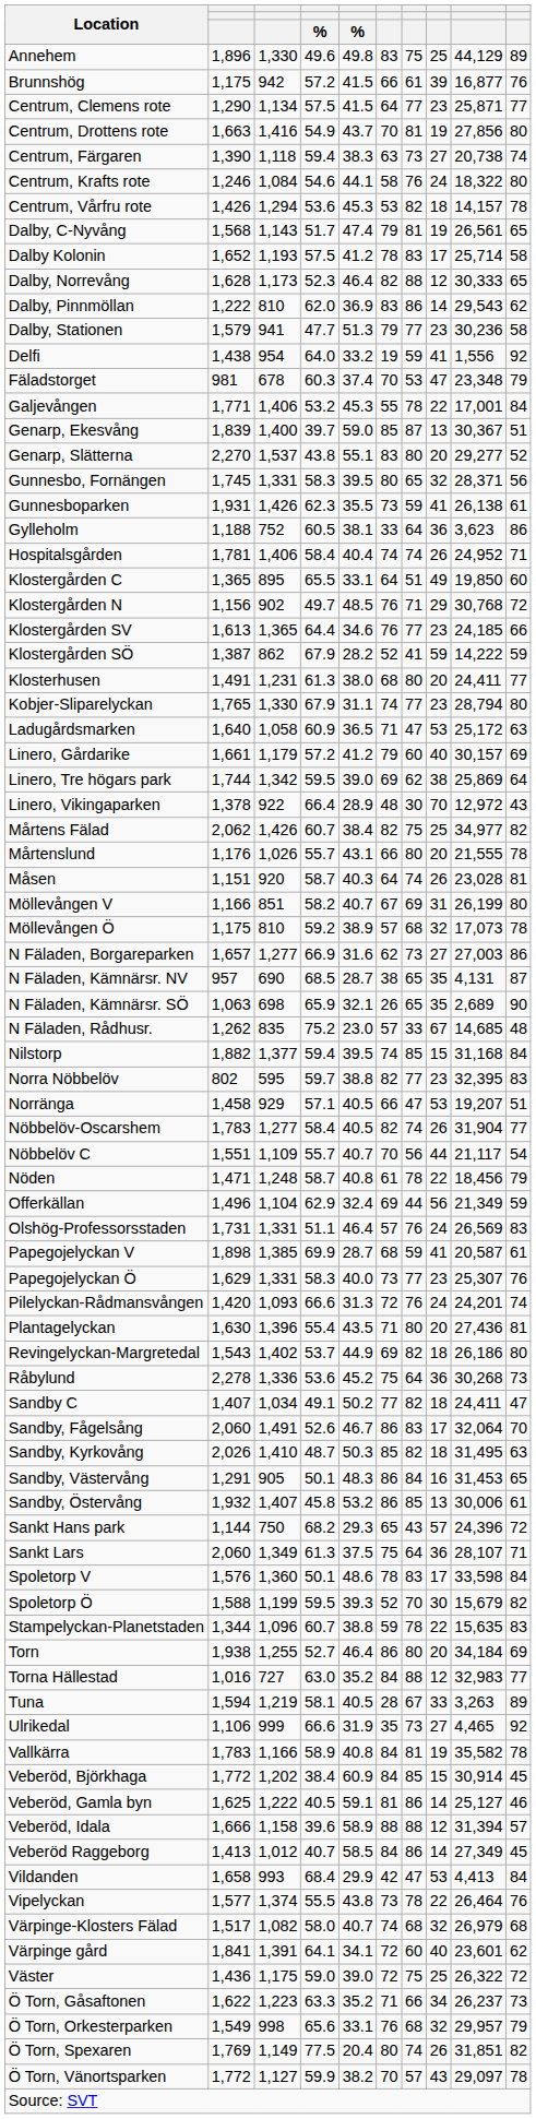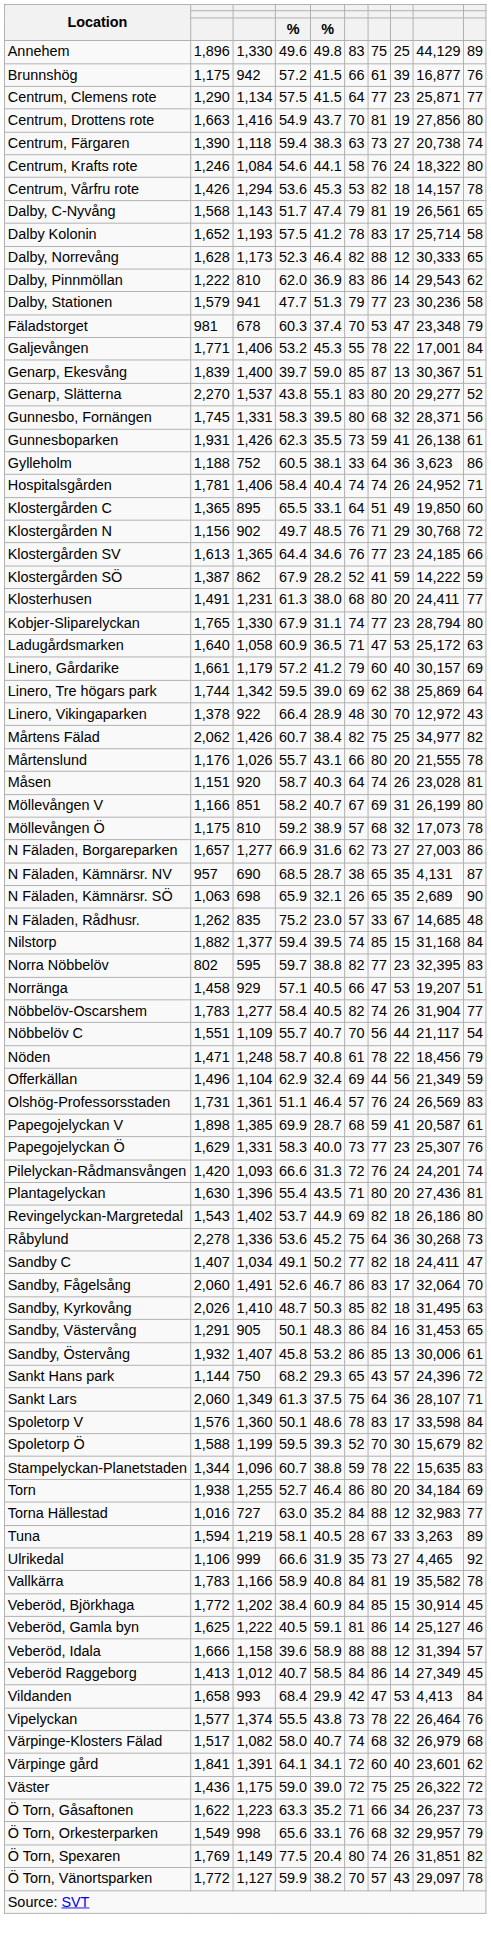 <table role="presentation" class="wikitable sortable mw-collapsible mw-collapsed">
 <tr>
 <th rowspan="3">Location</th>
 <th></th>
 <th></th>
 <th></th>
 <th></th>
 <th></th>
 <th></th>
 <th></th>
 <th></th>
 <th></th>
 </tr>
 <tr>
 <th></th>
 <th></th>
 <th style="background:"></th>
 <th style="background:"></th>
 <th></th>
 <th></th>
 <th></th>
 <th></th>
 <th></th>
 </tr>
 <tr>
 <th data-sort-type="number"></th>
 <th data-sort-type="number"></th>
 <th data-sort-type="number">%</th>
 <th data-sort-type="number">%</th>
 <th data-sort-type="number"></th>
 <th data-sort-type="number"></th>
 <th data-sort-type="number"></th>
 <th data-sort-type="number"></th>
 <th data-sort-type="number"></th>
 </tr>
 <tr>
 <td align="left">Annehem</td>
 <td>1,896</td>
 <td>1,330</td>
 <td>49.6</td>
 <td>49.8</td>
 <td>83</td>
 <td>75</td>
 <td>25</td>
 <td>44,129</td>
 <td>89</td>
 </tr>
 <tr>
 <td align="left">Brunnshög</td>
 <td>1,175</td>
 <td>942</td>
 <td>57.2</td>
 <td>41.5</td>
 <td>66</td>
 <td>61</td>
 <td>39</td>
 <td>16,877</td>
 <td>76</td>
 </tr>
 <tr>
 <td align="left">Centrum, Clemens rote</td>
 <td>1,290</td>
 <td>1,134</td>
 <td>57.5</td>
 <td>41.5</td>
 <td>64</td>
 <td>77</td>
 <td>23</td>
 <td>25,871</td>
 <td>77</td>
 </tr>
 <tr>
 <td align="left">Centrum, Drottens rote</td>
 <td>1,663</td>
 <td>1,416</td>
 <td>54.9</td>
 <td>43.7</td>
 <td>70</td>
 <td>81</td>
 <td>19</td>
 <td>27,856</td>
 <td>80</td>
 </tr>
 <tr>
 <td align="left">Centrum, Färgaren</td>
 <td>1,390</td>
 <td>1,118</td>
 <td>59.4</td>
 <td>38.3</td>
 <td>63</td>
 <td>73</td>
 <td>27</td>
 <td>20,738</td>
 <td>74</td>
 </tr>
 <tr>
 <td align="left">Centrum, Krafts rote</td>
 <td>1,246</td>
 <td>1,084</td>
 <td>54.6</td>
 <td>44.1</td>
 <td>58</td>
 <td>76</td>
 <td>24</td>
 <td>18,322</td>
 <td>80</td>
 </tr>
 <tr>
 <td align="left">Centrum, Vårfru rote</td>
 <td>1,426</td>
 <td>1,294</td>
 <td>53.6</td>
 <td>45.3</td>
 <td>53</td>
 <td>82</td>
 <td>18</td>
 <td>14,157</td>
 <td>78</td>
 </tr>
 <tr>
 <td align="left">Dalby, C-Nyvång</td>
 <td>1,568</td>
 <td>1,143</td>
 <td>51.7</td>
 <td>47.4</td>
 <td>79</td>
 <td>81</td>
 <td>19</td>
 <td>26,561</td>
 <td>65</td>
 </tr>
 <tr>
 <td align="left">Dalby Kolonin</td>
 <td>1,652</td>
 <td>1,193</td>
 <td>57.5</td>
 <td>41.2</td>
 <td>78</td>
 <td>83</td>
 <td>17</td>
 <td>25,714</td>
 <td>58</td>
 </tr>
 <tr>
 <td align="left">Dalby, Norrevång</td>
 <td>1,628</td>
 <td>1,173</td>
 <td>52.3</td>
 <td>46.4</td>
 <td>82</td>
 <td>88</td>
 <td>12</td>
 <td>30,333</td>
 <td>65</td>
 </tr>
 <tr>
 <td align="left">Dalby, Pinnmöllan</td>
 <td>1,222</td>
 <td>810</td>
 <td>62.0</td>
 <td>36.9</td>
 <td>83</td>
 <td>86</td>
 <td>14</td>
 <td>29,543</td>
 <td>62</td>
 </tr>
 <tr>
 <td align="left">Dalby, Stationen</td>
 <td>1,579</td>
 <td>941</td>
 <td>47.7</td>
 <td>51.3</td>
 <td>79</td>
 <td>77</td>
 <td>23</td>
 <td>30,236</td>
 <td>58</td>
 </tr>
 <tr>
-<td align="left">Delfi</td>
-<td>1,438</td>
-<td>954</td>
-<td>64.0</td>
-<td>33.2</td>
-<td>19</td>
-<td>59</td>
-<td>41</td>
-<td>1,556</td>
-<td>92</td>
-</tr>
-<tr>
 <td align="left">Fäladstorget</td>
 <td>981</td>
 <td>678</td>
 <td>60.3</td>
 <td>37.4</td>
 <td>70</td>
 <td>53</td>
 <td>47</td>
 <td>23,348</td>
 <td>79</td>
 </tr>
 <tr>
 <td align="left">Galjevången</td>
 <td>1,771</td>
 <td>1,406</td>
 <td>53.2</td>
 <td>45.3</td>
 <td>55</td>
 <td>78</td>
 <td>22</td>
 <td>17,001</td>
 <td>84</td>
 </tr>
 <tr>
 <td align="left">Genarp, Ekesvång</td>
 <td>1,839</td>
 <td>1,400</td>
 <td>39.7</td>
 <td>59.0</td>
 <td>85</td>
 <td>87</td>
 <td>13</td>
 <td>30,367</td>
 <td>51</td>
 </tr>
 <tr>
 <td align="left">Genarp, Slätterna</td>
 <td>2,270</td>
 <td>1,537</td>
 <td>43.8</td>
 <td>55.1</td>
 <td>83</td>
 <td>80</td>
 <td>20</td>
 <td>29,277</td>
 <td>52</td>
 </tr>
 <tr>
 <td align="left">Gunnesbo, Fornängen</td>
 <td>1,745</td>
 <td>1,331</td>
 <td>58.3</td>
 <td>39.5</td>
 <td>80</td>
-<td>65</td>
+<td>68</td>
 <td>32</td>
 <td>28,371</td>
 <td>56</td>
 </tr>
 <tr>
 <td align="left">Gunnesboparken</td>
 <td>1,931</td>
 <td>1,426</td>
 <td>62.3</td>
 <td>35.5</td>
 <td>73</td>
 <td>59</td>
 <td>41</td>
 <td>26,138</td>
 <td>61</td>
 </tr>
 <tr>
 <td align="left">Gylleholm</td>
 <td>1,188</td>
 <td>752</td>
 <td>60.5</td>
 <td>38.1</td>
 <td>33</td>
 <td>64</td>
 <td>36</td>
 <td>3,623</td>
 <td>86</td>
 </tr>
 <tr>
 <td align="left">Hospitalsgården</td>
 <td>1,781</td>
 <td>1,406</td>
 <td>58.4</td>
 <td>40.4</td>
 <td>74</td>
 <td>74</td>
 <td>26</td>
 <td>24,952</td>
 <td>71</td>
 </tr>
 <tr>
 <td align="left">Klostergården C</td>
 <td>1,365</td>
 <td>895</td>
 <td>65.5</td>
 <td>33.1</td>
 <td>64</td>
 <td>51</td>
 <td>49</td>
 <td>19,850</td>
 <td>60</td>
 </tr>
 <tr>
 <td align="left">Klostergården N</td>
 <td>1,156</td>
 <td>902</td>
 <td>49.7</td>
 <td>48.5</td>
 <td>76</td>
 <td>71</td>
 <td>29</td>
 <td>30,768</td>
 <td>72</td>
 </tr>
 <tr>
 <td align="left">Klostergården SV</td>
 <td>1,613</td>
 <td>1,365</td>
 <td>64.4</td>
 <td>34.6</td>
 <td>76</td>
 <td>77</td>
 <td>23</td>
 <td>24,185</td>
 <td>66</td>
 </tr>
 <tr>
 <td align="left">Klostergården SÖ</td>
 <td>1,387</td>
 <td>862</td>
 <td>67.9</td>
 <td>28.2</td>
 <td>52</td>
 <td>41</td>
 <td>59</td>
 <td>14,222</td>
 <td>59</td>
 </tr>
 <tr>
 <td align="left">Klosterhusen</td>
 <td>1,491</td>
 <td>1,231</td>
 <td>61.3</td>
 <td>38.0</td>
 <td>68</td>
 <td>80</td>
 <td>20</td>
 <td>24,411</td>
 <td>77</td>
 </tr>
 <tr>
 <td align="left">Kobjer-Sliparelyckan</td>
 <td>1,765</td>
 <td>1,330</td>
 <td>67.9</td>
 <td>31.1</td>
 <td>74</td>
 <td>77</td>
 <td>23</td>
 <td>28,794</td>
 <td>80</td>
 </tr>
 <tr>
 <td align="left">Ladugårdsmarken</td>
 <td>1,640</td>
 <td>1,058</td>
 <td>60.9</td>
 <td>36.5</td>
 <td>71</td>
 <td>47</td>
 <td>53</td>
 <td>25,172</td>
 <td>63</td>
 </tr>
 <tr>
 <td align="left">Linero, Gårdarike</td>
 <td>1,661</td>
 <td>1,179</td>
 <td>57.2</td>
 <td>41.2</td>
 <td>79</td>
 <td>60</td>
 <td>40</td>
 <td>30,157</td>
 <td>69</td>
 </tr>
 <tr>
 <td align="left">Linero, Tre högars park</td>
 <td>1,744</td>
 <td>1,342</td>
 <td>59.5</td>
 <td>39.0</td>
 <td>69</td>
 <td>62</td>
 <td>38</td>
 <td>25,869</td>
 <td>64</td>
 </tr>
 <tr>
 <td align="left">Linero, Vikingaparken</td>
 <td>1,378</td>
 <td>922</td>
 <td>66.4</td>
 <td>28.9</td>
 <td>48</td>
 <td>30</td>
 <td>70</td>
 <td>12,972</td>
 <td>43</td>
 </tr>
 <tr>
 <td align="left">Mårtens Fälad</td>
 <td>2,062</td>
 <td>1,426</td>
 <td>60.7</td>
 <td>38.4</td>
 <td>82</td>
 <td>75</td>
 <td>25</td>
 <td>34,977</td>
 <td>82</td>
 </tr>
 <tr>
 <td align="left">Mårtenslund</td>
 <td>1,176</td>
 <td>1,026</td>
 <td>55.7</td>
 <td>43.1</td>
 <td>66</td>
 <td>80</td>
 <td>20</td>
 <td>21,555</td>
 <td>78</td>
 </tr>
 <tr>
 <td align="left">Måsen</td>
 <td>1,151</td>
 <td>920</td>
 <td>58.7</td>
 <td>40.3</td>
 <td>64</td>
 <td>74</td>
 <td>26</td>
 <td>23,028</td>
 <td>81</td>
 </tr>
 <tr>
 <td align="left">Möllevången V</td>
 <td>1,166</td>
 <td>851</td>
 <td>58.2</td>
 <td>40.7</td>
 <td>67</td>
 <td>69</td>
 <td>31</td>
 <td>26,199</td>
 <td>80</td>
 </tr>
 <tr>
 <td align="left">Möllevången Ö</td>
 <td>1,175</td>
 <td>810</td>
 <td>59.2</td>
 <td>38.9</td>
 <td>57</td>
 <td>68</td>
 <td>32</td>
 <td>17,073</td>
 <td>78</td>
 </tr>
 <tr>
 <td align="left">N Fäladen, Borgareparken</td>
 <td>1,657</td>
 <td>1,277</td>
 <td>66.9</td>
 <td>31.6</td>
 <td>62</td>
 <td>73</td>
 <td>27</td>
 <td>27,003</td>
 <td>86</td>
 </tr>
 <tr>
 <td align="left">N Fäladen, Kämnärsr. NV</td>
 <td>957</td>
 <td>690</td>
 <td>68.5</td>
 <td>28.7</td>
 <td>38</td>
 <td>65</td>
 <td>35</td>
 <td>4,131</td>
 <td>87</td>
 </tr>
 <tr>
 <td align="left">N Fäladen, Kämnärsr. SÖ</td>
 <td>1,063</td>
 <td>698</td>
 <td>65.9</td>
 <td>32.1</td>
 <td>26</td>
 <td>65</td>
 <td>35</td>
 <td>2,689</td>
 <td>90</td>
 </tr>
 <tr>
 <td align="left">N Fäladen, Rådhusr.</td>
 <td>1,262</td>
 <td>835</td>
 <td>75.2</td>
 <td>23.0</td>
 <td>57</td>
 <td>33</td>
 <td>67</td>
 <td>14,685</td>
 <td>48</td>
 </tr>
 <tr>
 <td align="left">Nilstorp</td>
 <td>1,882</td>
 <td>1,377</td>
 <td>59.4</td>
 <td>39.5</td>
 <td>74</td>
 <td>85</td>
 <td>15</td>
 <td>31,168</td>
 <td>84</td>
 </tr>
 <tr>
 <td align="left">Norra Nöbbelöv</td>
 <td>802</td>
 <td>595</td>
 <td>59.7</td>
 <td>38.8</td>
 <td>82</td>
 <td>77</td>
 <td>23</td>
 <td>32,395</td>
 <td>83</td>
 </tr>
 <tr>
 <td align="left">Norränga</td>
 <td>1,458</td>
 <td>929</td>
 <td>57.1</td>
 <td>40.5</td>
 <td>66</td>
 <td>47</td>
 <td>53</td>
 <td>19,207</td>
 <td>51</td>
 </tr>
 <tr>
 <td align="left">Nöbbelöv-Oscarshem</td>
 <td>1,783</td>
 <td>1,277</td>
 <td>58.4</td>
 <td>40.5</td>
 <td>82</td>
 <td>74</td>
 <td>26</td>
 <td>31,904</td>
 <td>77</td>
 </tr>
 <tr>
 <td align="left">Nöbbelöv C</td>
 <td>1,551</td>
 <td>1,109</td>
 <td>55.7</td>
 <td>40.7</td>
 <td>70</td>
 <td>56</td>
 <td>44</td>
 <td>21,117</td>
 <td>54</td>
 </tr>
 <tr>
 <td align="left">Nöden</td>
 <td>1,471</td>
 <td>1,248</td>
 <td>58.7</td>
 <td>40.8</td>
 <td>61</td>
 <td>78</td>
 <td>22</td>
 <td>18,456</td>
 <td>79</td>
 </tr>
 <tr>
 <td align="left">Offerkällan</td>
 <td>1,496</td>
 <td>1,104</td>
 <td>62.9</td>
 <td>32.4</td>
 <td>69</td>
 <td>44</td>
 <td>56</td>
 <td>21,349</td>
 <td>59</td>
 </tr>
 <tr>
 <td align="left">Olshög-Professorsstaden</td>
 <td>1,731</td>
-<td>1,331</td>
+<td>1,361</td>
 <td>51.1</td>
 <td>46.4</td>
 <td>57</td>
 <td>76</td>
 <td>24</td>
 <td>26,569</td>
 <td>83</td>
 </tr>
 <tr>
 <td align="left">Papegojelyckan V</td>
 <td>1,898</td>
 <td>1,385</td>
 <td>69.9</td>
 <td>28.7</td>
 <td>68</td>
 <td>59</td>
 <td>41</td>
 <td>20,587</td>
 <td>61</td>
 </tr>
 <tr>
 <td align="left">Papegojelyckan Ö</td>
 <td>1,629</td>
 <td>1,331</td>
 <td>58.3</td>
 <td>40.0</td>
 <td>73</td>
 <td>77</td>
 <td>23</td>
 <td>25,307</td>
 <td>76</td>
 </tr>
 <tr>
 <td align="left">Pilelyckan-Rådmansvången</td>
 <td>1,420</td>
 <td>1,093</td>
 <td>66.6</td>
 <td>31.3</td>
 <td>72</td>
 <td>76</td>
 <td>24</td>
 <td>24,201</td>
 <td>74</td>
 </tr>
 <tr>
 <td align="left">Plantagelyckan</td>
 <td>1,630</td>
 <td>1,396</td>
 <td>55.4</td>
 <td>43.5</td>
 <td>71</td>
 <td>80</td>
 <td>20</td>
 <td>27,436</td>
 <td>81</td>
 </tr>
 <tr>
 <td align="left">Revingelyckan-Margretedal</td>
 <td>1,543</td>
 <td>1,402</td>
 <td>53.7</td>
 <td>44.9</td>
 <td>69</td>
 <td>82</td>
 <td>18</td>
 <td>26,186</td>
 <td>80</td>
 </tr>
 <tr>
 <td align="left">Råbylund</td>
 <td>2,278</td>
 <td>1,336</td>
 <td>53.6</td>
 <td>45.2</td>
 <td>75</td>
 <td>64</td>
 <td>36</td>
 <td>30,268</td>
 <td>73</td>
 </tr>
 <tr>
 <td align="left">Sandby C</td>
 <td>1,407</td>
 <td>1,034</td>
 <td>49.1</td>
 <td>50.2</td>
 <td>77</td>
 <td>82</td>
 <td>18</td>
 <td>24,411</td>
 <td>47</td>
 </tr>
 <tr>
 <td align="left">Sandby, Fågelsång</td>
 <td>2,060</td>
 <td>1,491</td>
 <td>52.6</td>
 <td>46.7</td>
 <td>86</td>
 <td>83</td>
 <td>17</td>
 <td>32,064</td>
 <td>70</td>
 </tr>
 <tr>
 <td align="left">Sandby, Kyrkovång</td>
 <td>2,026</td>
 <td>1,410</td>
 <td>48.7</td>
 <td>50.3</td>
 <td>85</td>
 <td>82</td>
 <td>18</td>
 <td>31,495</td>
 <td>63</td>
 </tr>
 <tr>
 <td align="left">Sandby, Västervång</td>
 <td>1,291</td>
 <td>905</td>
 <td>50.1</td>
 <td>48.3</td>
 <td>86</td>
 <td>84</td>
 <td>16</td>
 <td>31,453</td>
 <td>65</td>
 </tr>
 <tr>
 <td align="left">Sandby, Östervång</td>
 <td>1,932</td>
 <td>1,407</td>
 <td>45.8</td>
 <td>53.2</td>
 <td>86</td>
 <td>85</td>
 <td>13</td>
 <td>30,006</td>
 <td>61</td>
 </tr>
 <tr>
 <td align="left">Sankt Hans park</td>
 <td>1,144</td>
 <td>750</td>
 <td>68.2</td>
 <td>29.3</td>
 <td>65</td>
 <td>43</td>
 <td>57</td>
 <td>24,396</td>
 <td>72</td>
 </tr>
 <tr>
 <td align="left">Sankt Lars</td>
 <td>2,060</td>
 <td>1,349</td>
 <td>61.3</td>
 <td>37.5</td>
 <td>75</td>
 <td>64</td>
 <td>36</td>
 <td>28,107</td>
 <td>71</td>
 </tr>
 <tr>
 <td align="left">Spoletorp V</td>
 <td>1,576</td>
 <td>1,360</td>
 <td>50.1</td>
 <td>48.6</td>
 <td>78</td>
 <td>83</td>
 <td>17</td>
 <td>33,598</td>
 <td>84</td>
 </tr>
 <tr>
 <td align="left">Spoletorp Ö</td>
 <td>1,588</td>
 <td>1,199</td>
 <td>59.5</td>
 <td>39.3</td>
 <td>52</td>
 <td>70</td>
 <td>30</td>
 <td>15,679</td>
 <td>82</td>
 </tr>
 <tr>
 <td align="left">Stampelyckan-Planetstaden</td>
 <td>1,344</td>
 <td>1,096</td>
 <td>60.7</td>
 <td>38.8</td>
 <td>59</td>
 <td>78</td>
 <td>22</td>
 <td>15,635</td>
 <td>83</td>
 </tr>
 <tr>
 <td align="left">Torn</td>
 <td>1,938</td>
 <td>1,255</td>
 <td>52.7</td>
 <td>46.4</td>
 <td>86</td>
 <td>80</td>
 <td>20</td>
 <td>34,184</td>
 <td>69</td>
 </tr>
 <tr>
 <td align="left">Torna Hällestad</td>
 <td>1,016</td>
 <td>727</td>
 <td>63.0</td>
 <td>35.2</td>
 <td>84</td>
 <td>88</td>
 <td>12</td>
 <td>32,983</td>
 <td>77</td>
 </tr>
 <tr>
 <td align="left">Tuna</td>
 <td>1,594</td>
 <td>1,219</td>
 <td>58.1</td>
 <td>40.5</td>
 <td>28</td>
 <td>67</td>
 <td>33</td>
 <td>3,263</td>
 <td>89</td>
 </tr>
 <tr>
 <td align="left">Ulrikedal</td>
 <td>1,106</td>
 <td>999</td>
 <td>66.6</td>
 <td>31.9</td>
 <td>35</td>
 <td>73</td>
 <td>27</td>
 <td>4,465</td>
 <td>92</td>
 </tr>
 <tr>
 <td align="left">Vallkärra</td>
 <td>1,783</td>
 <td>1,166</td>
 <td>58.9</td>
 <td>40.8</td>
 <td>84</td>
 <td>81</td>
 <td>19</td>
 <td>35,582</td>
 <td>78</td>
 </tr>
 <tr>
 <td align="left">Veberöd, Björkhaga</td>
 <td>1,772</td>
 <td>1,202</td>
 <td>38.4</td>
 <td>60.9</td>
 <td>84</td>
 <td>85</td>
 <td>15</td>
 <td>30,914</td>
 <td>45</td>
 </tr>
 <tr>
 <td align="left">Veberöd, Gamla byn</td>
 <td>1,625</td>
 <td>1,222</td>
 <td>40.5</td>
 <td>59.1</td>
 <td>81</td>
 <td>86</td>
 <td>14</td>
 <td>25,127</td>
 <td>46</td>
 </tr>
 <tr>
 <td align="left">Veberöd, Idala</td>
 <td>1,666</td>
 <td>1,158</td>
 <td>39.6</td>
 <td>58.9</td>
 <td>88</td>
 <td>88</td>
 <td>12</td>
 <td>31,394</td>
 <td>57</td>
 </tr>
 <tr>
 <td align="left">Veberöd Raggeborg</td>
 <td>1,413</td>
 <td>1,012</td>
 <td>40.7</td>
 <td>58.5</td>
 <td>84</td>
 <td>86</td>
 <td>14</td>
 <td>27,349</td>
 <td>45</td>
 </tr>
 <tr>
 <td align="left">Vildanden</td>
 <td>1,658</td>
 <td>993</td>
 <td>68.4</td>
 <td>29.9</td>
 <td>42</td>
 <td>47</td>
 <td>53</td>
 <td>4,413</td>
 <td>84</td>
 </tr>
 <tr>
 <td align="left">Vipelyckan</td>
 <td>1,577</td>
 <td>1,374</td>
 <td>55.5</td>
 <td>43.8</td>
 <td>73</td>
 <td>78</td>
 <td>22</td>
 <td>26,464</td>
 <td>76</td>
 </tr>
 <tr>
 <td align="left">Värpinge-Klosters Fälad</td>
 <td>1,517</td>
 <td>1,082</td>
 <td>58.0</td>
 <td>40.7</td>
 <td>74</td>
 <td>68</td>
 <td>32</td>
 <td>26,979</td>
 <td>68</td>
 </tr>
 <tr>
 <td align="left">Värpinge gård</td>
 <td>1,841</td>
 <td>1,391</td>
 <td>64.1</td>
 <td>34.1</td>
 <td>72</td>
 <td>60</td>
 <td>40</td>
 <td>23,601</td>
 <td>62</td>
 </tr>
 <tr>
 <td align="left">Väster</td>
 <td>1,436</td>
 <td>1,175</td>
 <td>59.0</td>
 <td>39.0</td>
 <td>72</td>
 <td>75</td>
 <td>25</td>
 <td>26,322</td>
 <td>72</td>
 </tr>
 <tr>
 <td align="left">Ö Torn, Gåsaftonen</td>
 <td>1,622</td>
 <td>1,223</td>
 <td>63.3</td>
 <td>35.2</td>
 <td>71</td>
 <td>66</td>
 <td>34</td>
 <td>26,237</td>
 <td>73</td>
 </tr>
 <tr>
 <td align="left">Ö Torn, Orkesterparken</td>
 <td>1,549</td>
 <td>998</td>
 <td>65.6</td>
 <td>33.1</td>
 <td>76</td>
 <td>68</td>
 <td>32</td>
 <td>29,957</td>
 <td>79</td>
 </tr>
 <tr>
 <td align="left">Ö Torn, Spexaren</td>
 <td>1,769</td>
 <td>1,149</td>
 <td>77.5</td>
 <td>20.4</td>
 <td>80</td>
 <td>74</td>
 <td>26</td>
 <td>31,851</td>
 <td>82</td>
 </tr>
 <tr>
 <td align="left">Ö Torn, Vänortsparken</td>
 <td>1,772</td>
 <td>1,127</td>
 <td>59.9</td>
 <td>38.2</td>
 <td>70</td>
 <td>57</td>
 <td>43</td>
 <td>29,097</td>
 <td>78</td>
 </tr>
 <tr>
 <td colspan="10" align="left">Source: <a href='#'>SVT</a></td>
 </tr>
 </table>
